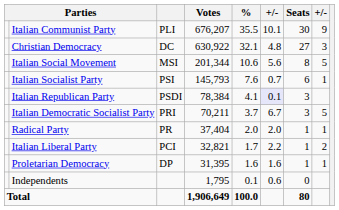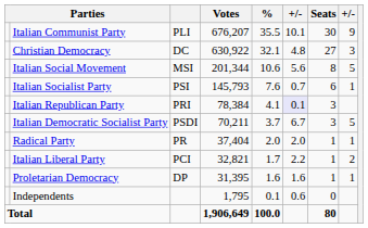 <table class="wikitable">
 <tr>
 <th colspan="2">Parties</th>
 <th></th>
 <th>Votes</th>
 <th>%</th>
 <th>+/-</th>
 <th>Seats</th>
 <th>+/-</th>
 <th rowspan="13"></th>
 </tr>
 <tr>
 <td style="background-color:"></td>
 <td><a href='#'>Italian Communist Party</a></td>
 <td>PLI</td>
 <td align=right>676,207</td>
 <td align=right>35.5</td>
 <td align=right> 10.1</td>
 <td align=right>30</td>
 <td align=right> 9</td>
 </tr>
 <tr>
 <td style="background-color:"></td>
 <td><a href='#'>Christian Democracy</a></td>
 <td>DC</td>
 <td align=right>630,922</td>
 <td align=right>32.1</td>
 <td align=right> 4.8</td>
 <td align=right>27</td>
 <td align=right> 3</td>
 </tr>
 <tr>
 <td style="background-color:"></td>
 <td><a href='#'>Italian Social Movement</a></td>
 <td>MSI</td>
 <td align=right>201,344</td>
 <td align=right>10.6</td>
 <td align=right> 5.6</td>
 <td align=right>8</td>
 <td align=right> 5</td>
 </tr>
 <tr>
 <td style="background-color:"></td>
 <td><a href='#'>Italian Socialist Party</a></td>
 <td>PSI</td>
 <td align=right>145,793</td>
 <td align=right>7.6</td>
 <td align=right> 0.7</td>
 <td align=right>6</td>
 <td align=right> 1</td>
 </tr>
 <tr>
 <td style="background-color:"></td>
 <td><a href='#'>Italian Republican Party</a></td>
-<td>PSDI</td>
+<td>PRI</td>
 <td align=right>78,384</td>
 <td align=right>4.1</td>
 <td align=right style="background: lavender;"> 0.1</td>
 <td align=right>3</td>
 <td align=right></td>
 </tr>
 <tr>
 <td style="background-color:"></td>
 <td><a href='#'>Italian Democratic Socialist Party</a></td>
-<td>PRI</td>
+<td>PSDI</td>
 <td align=right>70,211</td>
 <td align=right>3.7</td>
 <td align=right> 6.7</td>
 <td align=right>3</td>
 <td align=right> 5</td>
 </tr>
 <tr>
 <td style="background-color:"></td>
 <td><a href='#'>Radical Party</a></td>
 <td>PR</td>
 <td align=right>37,404</td>
 <td align=right>2.0</td>
 <td align=right> 2.0</td>
 <td align=right>1</td>
 <td align=right> 1</td>
 </tr>
 <tr>
 <td style="background-color:"></td>
 <td><a href='#'>Italian Liberal Party</a></td>
 <td>PCI</td>
 <td align=right>32,821</td>
 <td align=right>1.7</td>
 <td align=right> 2.2</td>
 <td align=right>1</td>
 <td align=right> 2</td>
 </tr>
 <tr>
 <td style="background-color:"></td>
 <td><a href='#'>Proletarian Democracy</a></td>
 <td>DP</td>
 <td align=right>31,395</td>
 <td align=right>1.6</td>
 <td align=right> 1.6</td>
 <td align=right>1</td>
 <td align=right> 1</td>
 </tr>
 <tr>
 <td style="background-color:"></td>
 <td>Independents</td>
 <td></td>
 <td align=right>1,795</td>
 <td align=right>0.1</td>
 <td align=right> 0.6</td>
 <td align=right>0</td>
 <td align=right></td>
 </tr>
 <tr>
 <td colspan="2"><strong>Total</strong></td>
 <td></td>
 <td align=right><strong>1,906,649</strong></td>
 <td align=right><strong>100.0</strong></td>
 <td></td>
 <td align=right><strong>80</strong></td>
 <td></td>
 </tr>
 </table>
